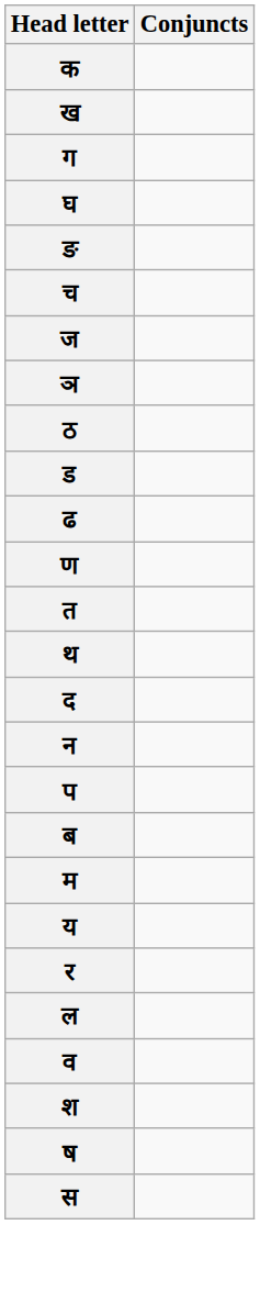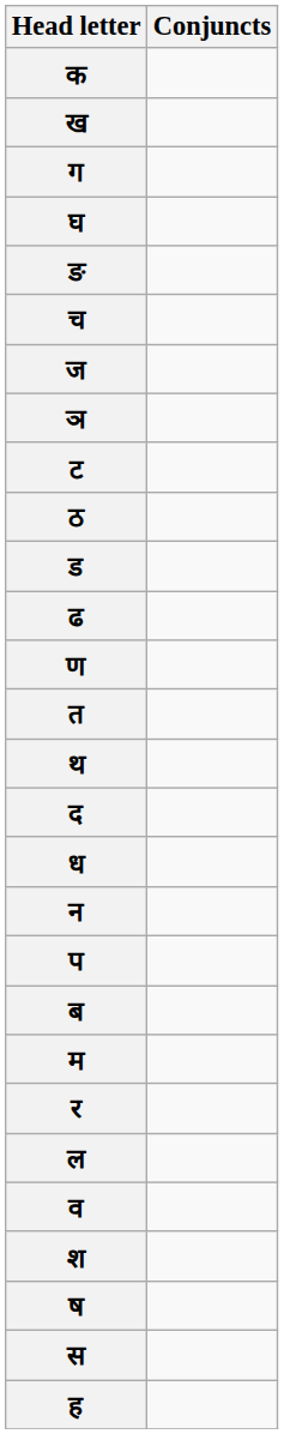 <table class="wikitable">
 <tr>
 <th>Head letter</th>
 <th>Conjuncts</th>
 </tr>
 <tr style="font-family: Siddhanta, 'Sanskrit Text', serif, sans-serif;">
 <th>क</th>
 <td><br>                      </td>
 </tr>
 <tr style="font-family: Siddhanta, 'Sanskrit Text', serif, sans-serif;">
 <th>ख</th>
 <td><br></td>
 </tr>
 <tr style="font-family: Siddhanta, 'Sanskrit Text', serif, sans-serif;">
 <th>ग</th>
 <td><br>                 </td>
 </tr>
 <tr style="font-family: Siddhanta, 'Sanskrit Text', serif, sans-serif;">
 <th>घ</th>
 <td><br>  </td>
 </tr>
 <tr style="font-family: Siddhanta, 'Sanskrit Text', serif, sans-serif;">
 <th>ङ</th>
 <td><br>            </td>
 </tr>
 <tr style="font-family: Siddhanta, 'Sanskrit Text', serif, sans-serif;">
 <th>च</th>
 <td><br>     </td>
 </tr>
 <tr style="font-family: Siddhanta, 'Sanskrit Text', serif, sans-serif;">
 <th>ज</th>
 <td><br>        </td>
 </tr>
 <tr style="font-family: Siddhanta, 'Sanskrit Text', serif, sans-serif;">
 <th>ञ</th>
 <td><br>      </td>
 </tr>
 <tr style="font-family: Siddhanta, 'Sanskrit Text', serif, sans-serif;">
+<th>ट</th>
+<td><br>     </td>
+</tr>
+<tr style="font-family: Siddhanta, 'Sanskrit Text', serif, sans-serif;">
 <th>ठ</th>
 <td><br></td>
 </tr>
 <tr style="font-family: Siddhanta, 'Sanskrit Text', serif, sans-serif;">
 <th>ड</th>
 <td><br>    </td>
 </tr>
 <tr style="font-family: Siddhanta, 'Sanskrit Text', serif, sans-serif;">
 <th>ढ</th>
 <td><br></td>
 </tr>
 <tr style="font-family: Siddhanta, 'Sanskrit Text', serif, sans-serif;">
 <th>ण</th>
 <td><br>        </td>
 </tr>
 <tr style="font-family: Siddhanta, 'Sanskrit Text', serif, sans-serif;">
 <th>त</th>
 <td><br>                              </td>
 </tr>
 <tr style="font-family: Siddhanta, 'Sanskrit Text', serif, sans-serif;">
 <th>थ</th>
 <td><br> </td>
 </tr>
 <tr style="font-family: Siddhanta, 'Sanskrit Text', serif, sans-serif;">
 <th>द</th>
 <td><br>                       </td>
 </tr>
 <tr style="font-family: Siddhanta, 'Sanskrit Text', serif, sans-serif;">
+<th>ध</th>
+<td><br>    </td>
+</tr>
+<tr style="font-family: Siddhanta, 'Sanskrit Text', serif, sans-serif;">
 <th>न</th>
 <td><br>                                        </td>
 </tr>
 <tr style="font-family: Siddhanta, 'Sanskrit Text', serif, sans-serif;">
 <th>प</th>
 <td><br>        </td>
 </tr>
 <tr style="font-family: Siddhanta, 'Sanskrit Text', serif, sans-serif;">
 <th>ब</th>
 <td><br>          </td>
 </tr>
 <tr style="font-family: Siddhanta, 'Sanskrit Text', serif, sans-serif;">
 <th>म</th>
 <td><br>        </td>
-</tr>
-<tr style="font-family: Siddhanta, 'Sanskrit Text', serif, sans-serif;">
-<th>य</th>
-<td><br> </td>
 </tr>
 <tr style="font-family: Siddhanta, 'Sanskrit Text', serif, sans-serif;">
 <th>र</th>
 <td><br>                                                              </td>
 </tr>
 <tr style="font-family: Siddhanta, 'Sanskrit Text', serif, sans-serif;">
 <th>ल</th>
 <td><br>        </td>
 </tr>
 <tr style="font-family: Siddhanta, 'Sanskrit Text', serif, sans-serif;">
 <th>व</th>
 <td><br> </td>
 </tr>
 <tr style="font-family: Siddhanta, 'Sanskrit Text', serif, sans-serif;">
 <th>श</th>
 <td><br>          </td>
 </tr>
 <tr style="font-family: Siddhanta, 'Sanskrit Text', serif, sans-serif;">
 <th>ष</th>
 <td><br>              </td>
 </tr>
 <tr style="font-family: Siddhanta, 'Sanskrit Text', serif, sans-serif;">
 <th>स</th>
 <td><br>                </td>
 </tr>
+<tr style="font-family: Siddhanta, 'Sanskrit Text', serif, sans-serif;">
+<th>ह</th>
+<td><br>      </td>
+</tr>
 </table>
